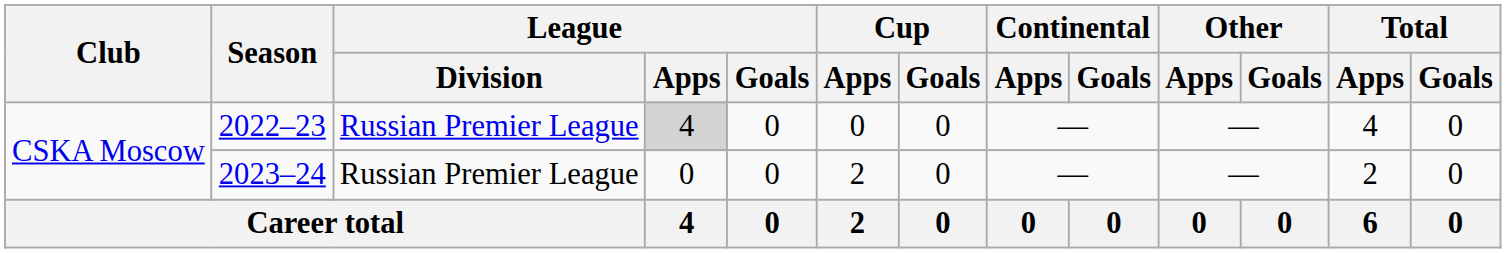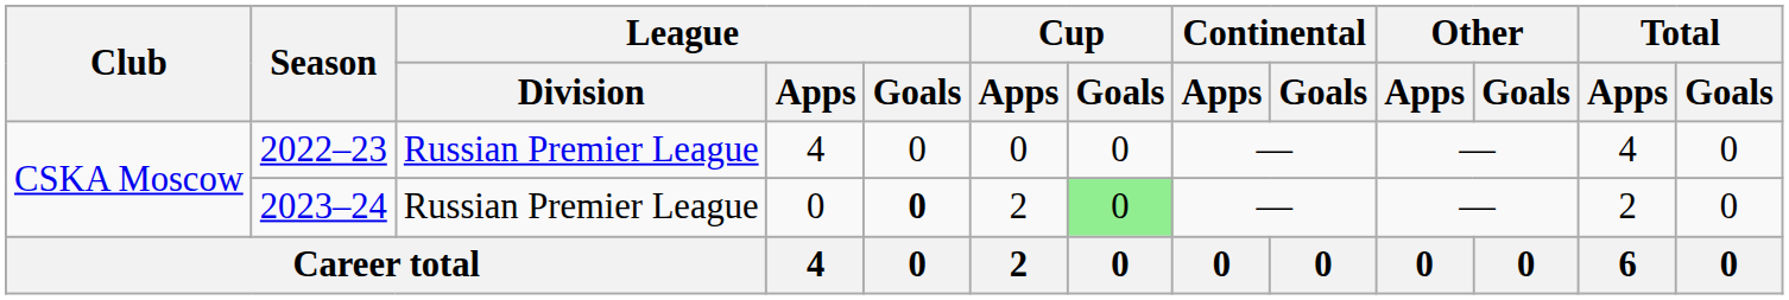 <table class="wikitable" style="text-align:center">
 <tr>
 <th rowspan="2">Club</th>
 <th rowspan="2">Season</th>
 <th colspan="3">League</th>
 <th colspan="2">Cup</th>
 <th colspan="2">Continental</th>
 <th colspan="2">Other</th>
 <th colspan="2">Total</th>
 </tr>
 <tr>
 <th>Division</th>
 <th>Apps</th>
 <th>Goals</th>
 <th>Apps</th>
 <th>Goals</th>
 <th>Apps</th>
 <th>Goals</th>
 <th>Apps</th>
 <th>Goals</th>
 <th>Apps</th>
 <th>Goals</th>
 </tr>
 <tr>
 <td rowspan="2"><a href='#'>CSKA Moscow</a></td>
 <td><a href='#'>2022–23</a></td>
 <td><a href='#'>Russian Premier League</a></td>
-<td style="background: lightgrey;">4</td>
+<td>4</td>
 <td>0</td>
 <td>0</td>
 <td>0</td>
 <td colspan="2">—</td>
 <td colspan="2">—</td>
 <td>4</td>
 <td>0</td>
 </tr>
 <tr>
 <td><a href='#'>2023–24</a></td>
 <td>Russian Premier League</td>
 <td>0</td>
-<td>0</td>
+<td><strong>0</strong></td>
 <td>2</td>
-<td>0</td>
+<td style="background: lightgreen;">0</td>
 <td colspan="2">—</td>
 <td colspan="2">—</td>
 <td>2</td>
 <td>0</td>
 </tr>
 <tr>
 <th colspan="3">Career total</th>
 <th>4</th>
 <th>0</th>
 <th>2</th>
 <th>0</th>
 <th>0</th>
 <th>0</th>
 <th>0</th>
 <th>0</th>
 <th>6</th>
 <th>0</th>
 </tr>
 </table>
